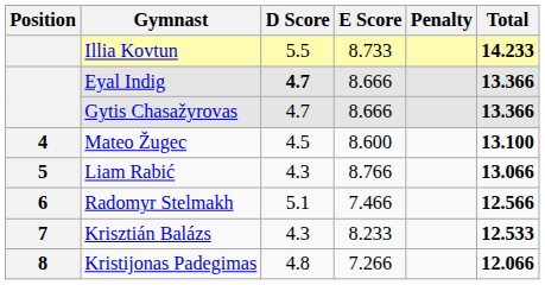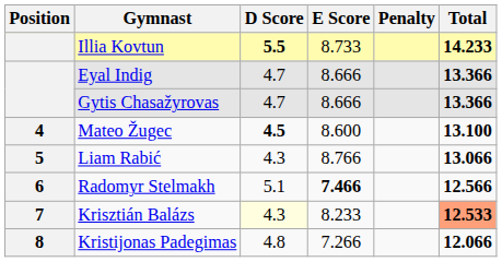 <table class="wikitable sortable" style="text-align:center;">
 <tr>
 <th>Position</th>
 <th>Gymnast</th>
 <th>D Score</th>
 <th>E Score</th>
 <th>Penalty</th>
 <th>Total</th>
 </tr>
 <tr style="background:#fffcaf;">
 <th scope="row" style="text-align:center"></th>
 <td style="text-align:left;"> <a href='#'>Illia Kovtun</a></td>
-<td>5.5</td>
+<td><strong>5.5</strong></td>
 <td>8.733</td>
 <td></td>
 <td><strong>14.233</strong></td>
 </tr>
 <tr style="background:#e5e5e5;">
 <th rowspan="2" scope="row" style="text-align:center"></th>
 <td style="text-align:left;"> <a href='#'>Eyal Indig</a></td>
-<td><strong>4.7</strong></td>
+<td>4.7</td>
 <td>8.666</td>
 <td></td>
 <td><strong>13.366</strong></td>
 </tr>
 <tr style="background:#e5e5e5;">
 <td style="text-align:left;"> <a href='#'>Gytis Chasažyrovas</a></td>
 <td>4.7</td>
 <td>8.666</td>
 <td></td>
 <td><strong>13.366</strong></td>
 </tr>
 <tr>
 <th>4</th>
 <td style="text-align:left;"> <a href='#'>Mateo Žugec</a></td>
-<td>4.5</td>
+<td><strong>4.5</strong></td>
 <td>8.600</td>
 <td></td>
 <td><strong>13.100</strong></td>
 </tr>
 <tr>
 <th>5</th>
 <td style="text-align:left;"> <a href='#'>Liam Rabić</a></td>
 <td>4.3</td>
 <td>8.766</td>
 <td></td>
 <td><strong>13.066</strong></td>
 </tr>
 <tr>
 <th>6</th>
 <td style="text-align:left;">  <a href='#'>Radomyr Stelmakh</a></td>
 <td>5.1</td>
-<td>7.466</td>
+<td><strong>7.466</strong></td>
 <td></td>
 <td><strong>12.566</strong></td>
 </tr>
 <tr>
 <th>7</th>
 <td style="text-align:left;"> <a href='#'>Krisztián Balázs</a></td>
-<td>4.3</td>
+<td style="background: lightyellow;">4.3</td>
 <td>8.233</td>
 <td></td>
-<td><strong>12.533</strong></td>
+<td style="background: lightsalmon;"><strong>12.533</strong></td>
 </tr>
 <tr>
 <th>8</th>
 <td style="text-align:left;"> <a href='#'>Kristijonas Padegimas</a></td>
 <td>4.8</td>
 <td>7.266</td>
 <td></td>
 <td><strong>12.066</strong></td>
 </tr>
 </table>
